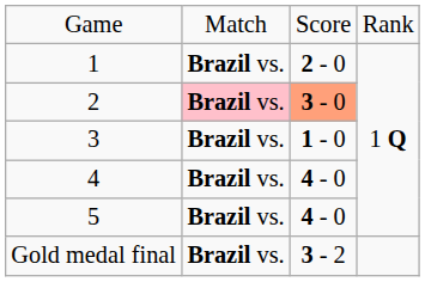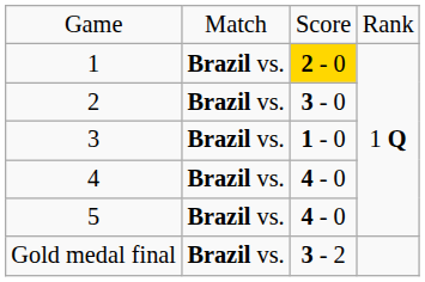 <table class="wikitable">
 <tr>
 <td style="text-align:center;">Game</td>
 <td style="text-align:center;">Match</td>
 <td style="text-align:center;">Score</td>
 <td style="text-align:center;">Rank</td>
 </tr>
 <tr>
 <td style="text-align:center;">1</td>
 <td><strong>Brazil</strong> vs. </td>
-<td style="text-align:center;"><strong>2</strong> - 0</td>
+<td style="background: gold; text-align:center;"><strong>2</strong> - 0</td>
 <td rowspan="5" style="text-align:center;">1 <strong>Q</strong></td>
 </tr>
 <tr>
 <td style="text-align:center;">2</td>
-<td style="background: pink;"><strong>Brazil</strong> vs. </td>
-<td style="background: lightsalmon; text-align:center;"><strong>3</strong> - 0</td>
+<td><strong>Brazil</strong> vs. </td>
+<td style="text-align:center;"><strong>3</strong> - 0</td>
 </tr>
 <tr>
 <td style="text-align:center;">3</td>
 <td><strong>Brazil</strong> vs. </td>
 <td style="text-align:center;"><strong>1</strong> - 0</td>
 </tr>
 <tr>
 <td style="text-align:center;">4</td>
 <td><strong>Brazil</strong> vs. </td>
 <td style="text-align:center;"><strong>4</strong> - 0</td>
 </tr>
 <tr>
 <td style="text-align:center;">5</td>
 <td><strong>Brazil</strong> vs. </td>
 <td style="text-align:center;"><strong>4</strong> - 0</td>
 </tr>
 <tr>
 <td style="text-align:center;">Gold medal final</td>
 <td><strong>Brazil</strong> vs. </td>
 <td style="text-align:center;"><strong>3</strong> - 2</td>
 <td style="text-align:center;"></td>
 </tr>
 </table>
